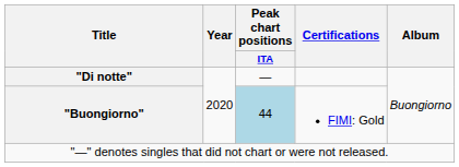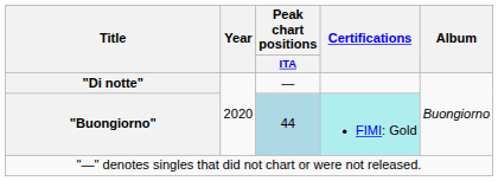 <table class="wikitable plainrowheaders" style="text-align:center;">
 <tr>
 <th scope="col" rowspan="2" style="width:16em;">Title</th>
 <th scope="col" rowspan="2" style="width:1em;">Year</th>
 <th scope="col">Peak chart positions</th>
 <th scope="col" rowspan="2"><a href='#'>Certifications</a></th>
 <th rowspan="2">Album</th>
 </tr>
 <tr>
 <th scope="col" style="width:3em;font-size:85%;"><a href='#'>ITA</a><br></th>
 </tr>
 <tr>
 <th scope="row">"Di notte"<br></th>
 <td rowspan="2">2020</td>
 <td>—</td>
 <td></td>
 <td rowspan="2"><em>Buongiorno</em></td>
 </tr>
 <tr>
 <th scope="row">"Buongiorno"<br></th>
 <td style="background: lightblue;">44</td>
-<td><br><ul><li><a href='#'>FIMI</a>: Gold</li></ul></td>
+<td style="background: paleturquoise;"><br><ul><li><a href='#'>FIMI</a>: Gold</li></ul></td>
 </tr>
 <tr>
 <td colspan="5">"—" denotes singles that did not chart or were not released.</td>
 </tr>
 </table>
